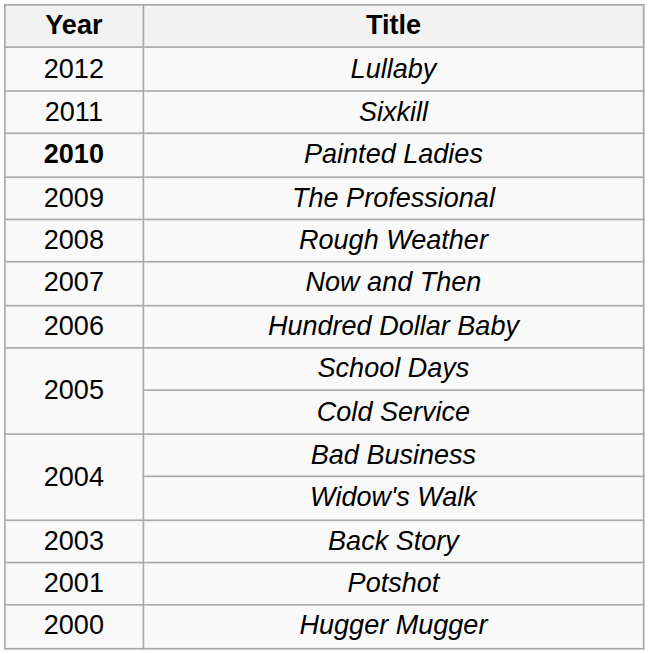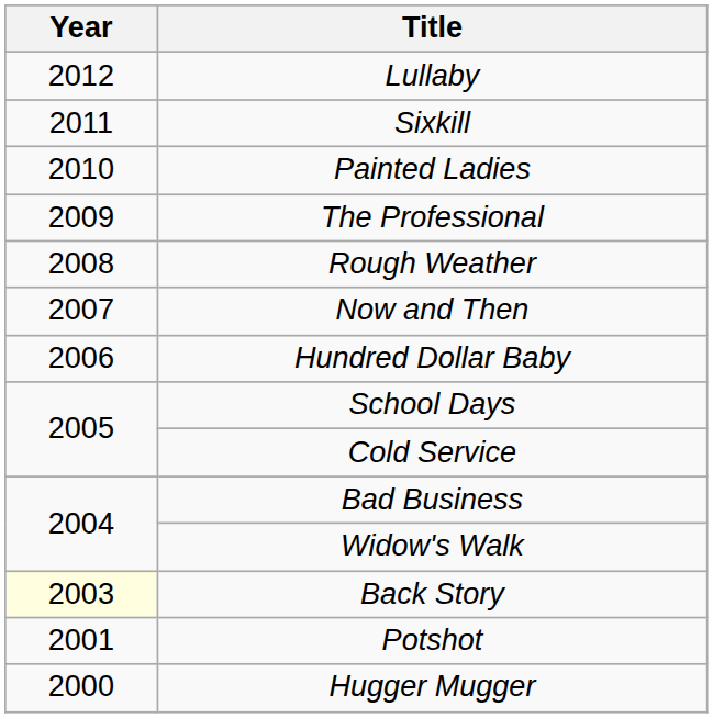 <table class="wikitable" style="text-align:center" width=30%>
 <tr bgcolor="CCCCCC">
 <th>Year</th>
 <th>Title</th>
 </tr>
 <tr>
 <td>2012</td>
 <td><em>Lullaby</em></td>
 </tr>
 <tr>
 <td>2011</td>
 <td><em>Sixkill</em></td>
 </tr>
 <tr>
-<td><strong>2010</strong></td>
+<td>2010</td>
 <td><em>Painted Ladies</em></td>
 </tr>
 <tr>
 <td>2009</td>
 <td><em>The Professional</em></td>
 </tr>
 <tr>
 <td>2008</td>
 <td><em>Rough Weather</em></td>
 </tr>
 <tr>
 <td>2007</td>
 <td><em>Now and Then</em></td>
 </tr>
 <tr>
 <td>2006</td>
 <td><em>Hundred Dollar Baby</em></td>
 </tr>
 <tr>
 <td rowspan="2">2005</td>
 <td><em>School Days</em></td>
 </tr>
 <tr>
 <td><em>Cold Service</em></td>
 </tr>
 <tr>
 <td rowspan="2">2004</td>
 <td><em>Bad Business</em></td>
 </tr>
 <tr>
 <td><em>Widow's Walk</em></td>
 </tr>
 <tr>
-<td>2003</td>
+<td style="background: lightyellow;">2003</td>
 <td><em>Back Story</em></td>
 </tr>
 <tr>
 <td>2001</td>
 <td><em>Potshot</em></td>
 </tr>
 <tr>
 <td>2000</td>
 <td><em>Hugger Mugger</em></td>
 </tr>
 </table>
